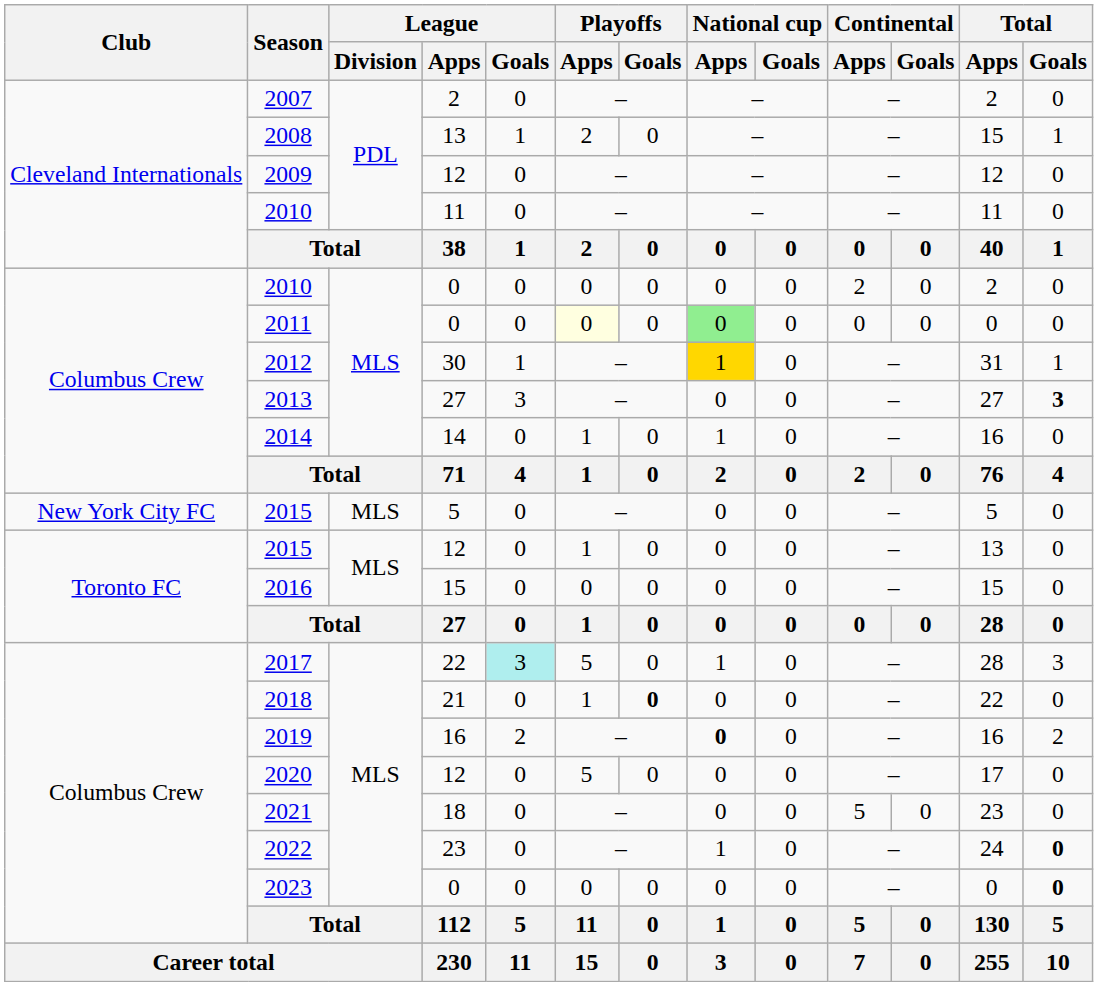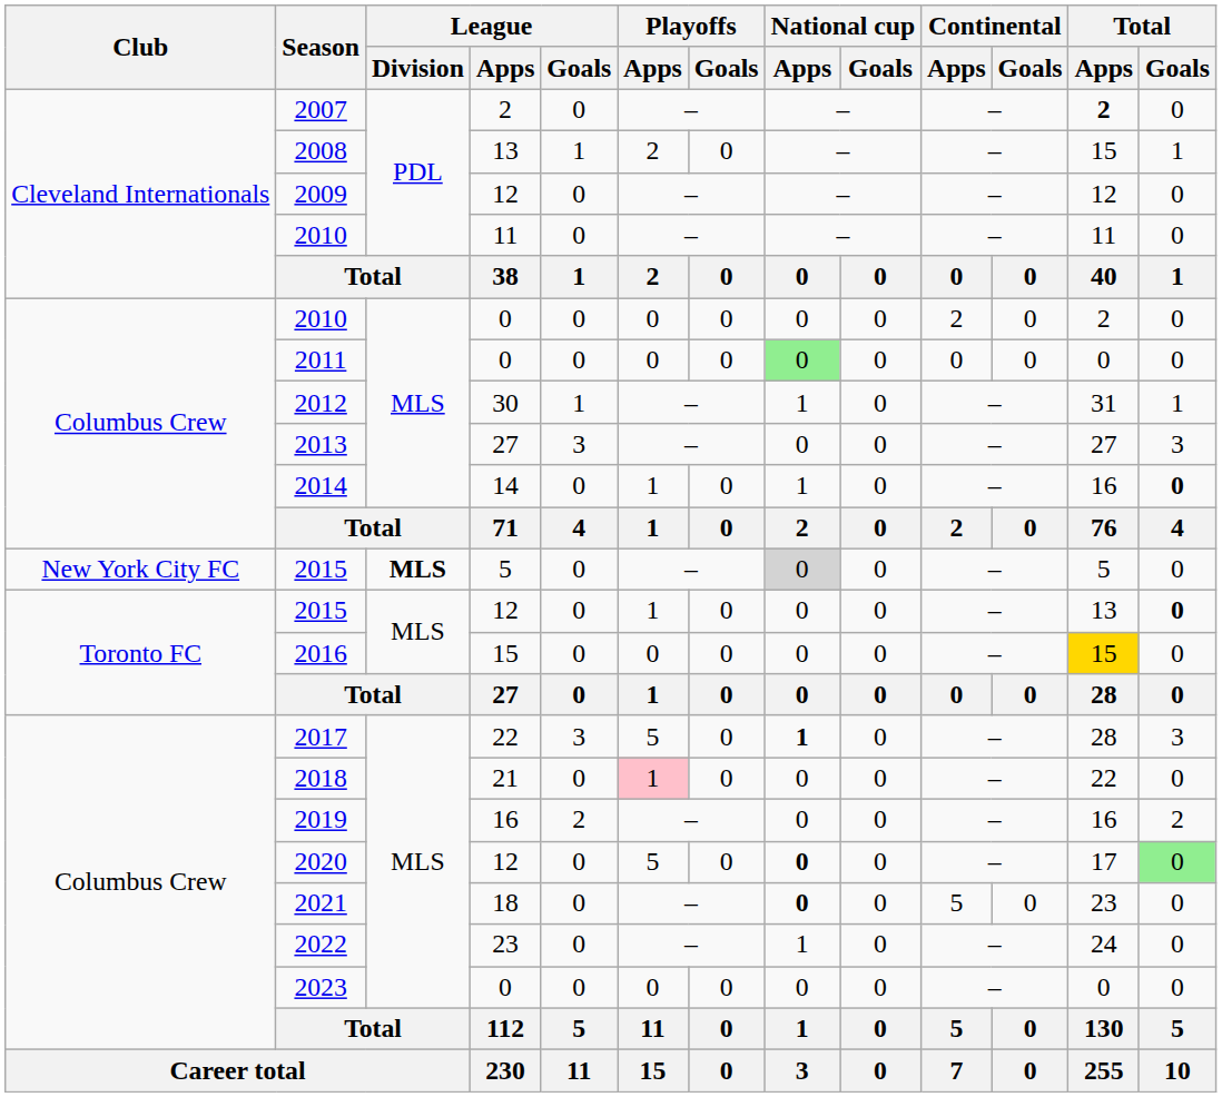 <table class="wikitable" style="text-align: center;">
 <tr>
 <th rowspan=2>Club</th>
 <th rowspan=2>Season</th>
 <th colspan=3>League</th>
 <th colspan=2>Playoffs</th>
 <th colspan=2>National cup</th>
 <th colspan=2>Continental</th>
 <th colspan=2>Total</th>
 </tr>
 <tr>
 <th>Division</th>
 <th>Apps</th>
 <th>Goals</th>
 <th>Apps</th>
 <th>Goals</th>
 <th>Apps</th>
 <th>Goals</th>
 <th>Apps</th>
 <th>Goals</th>
 <th>Apps</th>
 <th>Goals</th>
 </tr>
 <tr>
 <td rowspan=5><a href='#'>Cleveland Internationals</a></td>
 <td><a href='#'>2007</a></td>
 <td rowspan=4><a href='#'>PDL</a></td>
 <td>2</td>
 <td>0</td>
 <td colspan=2>–</td>
 <td colspan=2>–</td>
 <td colspan=2>–</td>
-<td>2</td>
+<td><strong>2</strong></td>
 <td>0</td>
 </tr>
 <tr>
 <td><a href='#'>2008</a></td>
 <td>13</td>
 <td>1</td>
 <td>2</td>
 <td>0</td>
 <td colspan=2>–</td>
 <td colspan=2>–</td>
 <td>15</td>
 <td>1</td>
 </tr>
 <tr>
 <td><a href='#'>2009</a></td>
 <td>12</td>
 <td>0</td>
 <td colspan=2>–</td>
 <td colspan=2>–</td>
 <td colspan=2>–</td>
 <td>12</td>
 <td>0</td>
 </tr>
 <tr>
 <td><a href='#'>2010</a></td>
 <td>11</td>
 <td>0</td>
 <td colspan=2>–</td>
 <td colspan=2>–</td>
 <td colspan=2>–</td>
 <td>11</td>
 <td>0</td>
 </tr>
 <tr>
 <th colspan=2>Total</th>
 <th>38</th>
 <th>1</th>
 <th>2</th>
 <th>0</th>
 <th>0</th>
 <th>0</th>
 <th>0</th>
 <th>0</th>
 <th>40</th>
 <th>1</th>
 </tr>
 <tr>
 <td rowspan=6><a href='#'>Columbus Crew</a></td>
 <td><a href='#'>2010</a></td>
 <td rowspan=5><a href='#'>MLS</a></td>
 <td>0</td>
 <td>0</td>
 <td>0</td>
 <td>0</td>
 <td>0</td>
 <td>0</td>
 <td>2</td>
 <td>0</td>
 <td>2</td>
 <td>0</td>
 </tr>
 <tr>
 <td><a href='#'>2011</a></td>
 <td>0</td>
 <td>0</td>
-<td style="background: lightyellow;">0</td>
+<td>0</td>
 <td>0</td>
 <td style="background: lightgreen;">0</td>
 <td>0</td>
 <td>0</td>
 <td>0</td>
 <td>0</td>
 <td>0</td>
 </tr>
 <tr>
 <td><a href='#'>2012</a></td>
 <td>30</td>
 <td>1</td>
 <td colspan=2>–</td>
-<td style="background: gold;">1</td>
+<td>1</td>
 <td>0</td>
 <td colspan=2>–</td>
 <td>31</td>
 <td>1</td>
 </tr>
 <tr>
 <td><a href='#'>2013</a></td>
 <td>27</td>
 <td>3</td>
 <td colspan=2>–</td>
 <td>0</td>
 <td>0</td>
 <td colspan=2>–</td>
 <td>27</td>
-<td><strong>3</strong></td>
+<td>3</td>
 </tr>
 <tr>
 <td><a href='#'>2014</a></td>
 <td>14</td>
 <td>0</td>
 <td>1</td>
 <td>0</td>
 <td>1</td>
 <td>0</td>
 <td colspan=2>–</td>
 <td>16</td>
-<td>0</td>
+<td><strong>0</strong></td>
 </tr>
 <tr>
 <th colspan=2>Total</th>
 <th>71</th>
 <th>4</th>
 <th>1</th>
 <th>0</th>
 <th>2</th>
 <th>0</th>
 <th>2</th>
 <th>0</th>
 <th>76</th>
 <th>4</th>
 </tr>
 <tr>
 <td><a href='#'>New York City FC</a></td>
 <td><a href='#'>2015</a></td>
-<td>MLS</td>
+<td><strong>MLS</strong></td>
 <td>5</td>
 <td>0</td>
 <td colspan=2>–</td>
-<td>0</td>
+<td style="background: lightgrey;">0</td>
 <td>0</td>
 <td colspan=2>–</td>
 <td>5</td>
 <td>0</td>
 </tr>
 <tr>
 <td rowspan=3><a href='#'>Toronto FC</a></td>
 <td><a href='#'>2015</a></td>
 <td rowspan=2>MLS</td>
 <td>12</td>
 <td>0</td>
 <td>1</td>
 <td>0</td>
 <td>0</td>
 <td>0</td>
 <td colspan=2>–</td>
 <td>13</td>
-<td>0</td>
+<td><strong>0</strong></td>
 </tr>
 <tr>
 <td><a href='#'>2016</a></td>
 <td>15</td>
 <td>0</td>
 <td>0</td>
 <td>0</td>
 <td>0</td>
 <td>0</td>
 <td colspan=2>–</td>
-<td>15</td>
+<td style="background: gold;">15</td>
 <td>0</td>
 </tr>
 <tr>
 <th colspan=2>Total</th>
 <th>27</th>
 <th>0</th>
 <th>1</th>
 <th>0</th>
 <th>0</th>
 <th>0</th>
 <th>0</th>
 <th>0</th>
 <th>28</th>
 <th>0</th>
 </tr>
 <tr>
 <td rowspan="8">Columbus Crew</td>
 <td><a href='#'>2017</a></td>
 <td rowspan="7">MLS</td>
 <td>22</td>
-<td style="background: paleturquoise;">3</td>
+<td>3</td>
 <td>5</td>
 <td>0</td>
-<td>1</td>
+<td><strong>1</strong></td>
 <td>0</td>
 <td colspan=2>–</td>
 <td>28</td>
 <td>3</td>
 </tr>
 <tr>
 <td><a href='#'>2018</a></td>
 <td>21</td>
 <td>0</td>
-<td>1</td>
-<td><strong>0</strong></td>
+<td style="background: pink;">1</td>
+<td>0</td>
 <td>0</td>
 <td>0</td>
 <td colspan=2>–</td>
 <td>22</td>
 <td>0</td>
 </tr>
 <tr>
 <td><a href='#'>2019</a></td>
 <td>16</td>
 <td>2</td>
 <td colspan=2>–</td>
-<td><strong>0</strong></td>
+<td>0</td>
 <td>0</td>
 <td colspan=2>–</td>
 <td>16</td>
 <td>2</td>
 </tr>
 <tr>
 <td><a href='#'>2020</a></td>
 <td>12</td>
 <td>0</td>
 <td>5</td>
 <td>0</td>
-<td>0</td>
+<td><strong>0</strong></td>
 <td>0</td>
 <td colspan="2">–</td>
 <td>17</td>
-<td>0</td>
+<td style="background: lightgreen;">0</td>
 </tr>
 <tr>
 <td><a href='#'>2021</a></td>
 <td>18</td>
 <td>0</td>
 <td colspan="2">–</td>
-<td>0</td>
+<td><strong>0</strong></td>
 <td>0</td>
 <td>5</td>
 <td>0</td>
 <td>23</td>
 <td>0</td>
 </tr>
 <tr>
 <td><a href='#'>2022</a></td>
 <td>23</td>
 <td>0</td>
 <td colspan="2">–</td>
 <td>1</td>
 <td>0</td>
 <td colspan="2">–</td>
 <td>24</td>
-<td><strong>0</strong></td>
+<td>0</td>
 </tr>
 <tr>
 <td><a href='#'>2023</a></td>
 <td>0</td>
 <td>0</td>
 <td>0</td>
 <td>0</td>
 <td>0</td>
 <td>0</td>
 <td colspan="2">–</td>
 <td>0</td>
-<td><strong>0</strong></td>
+<td>0</td>
 </tr>
 <tr>
 <th colspan="2">Total</th>
 <th>112</th>
 <th>5</th>
 <th>11</th>
 <th>0</th>
 <th>1</th>
 <th>0</th>
 <th>5</th>
 <th>0</th>
 <th>130</th>
 <th>5</th>
 </tr>
 <tr>
 <th colspan="3">Career total</th>
 <th>230</th>
 <th>11</th>
 <th>15</th>
 <th>0</th>
 <th>3</th>
 <th>0</th>
 <th>7</th>
 <th>0</th>
 <th>255</th>
 <th>10</th>
 </tr>
 </table>
